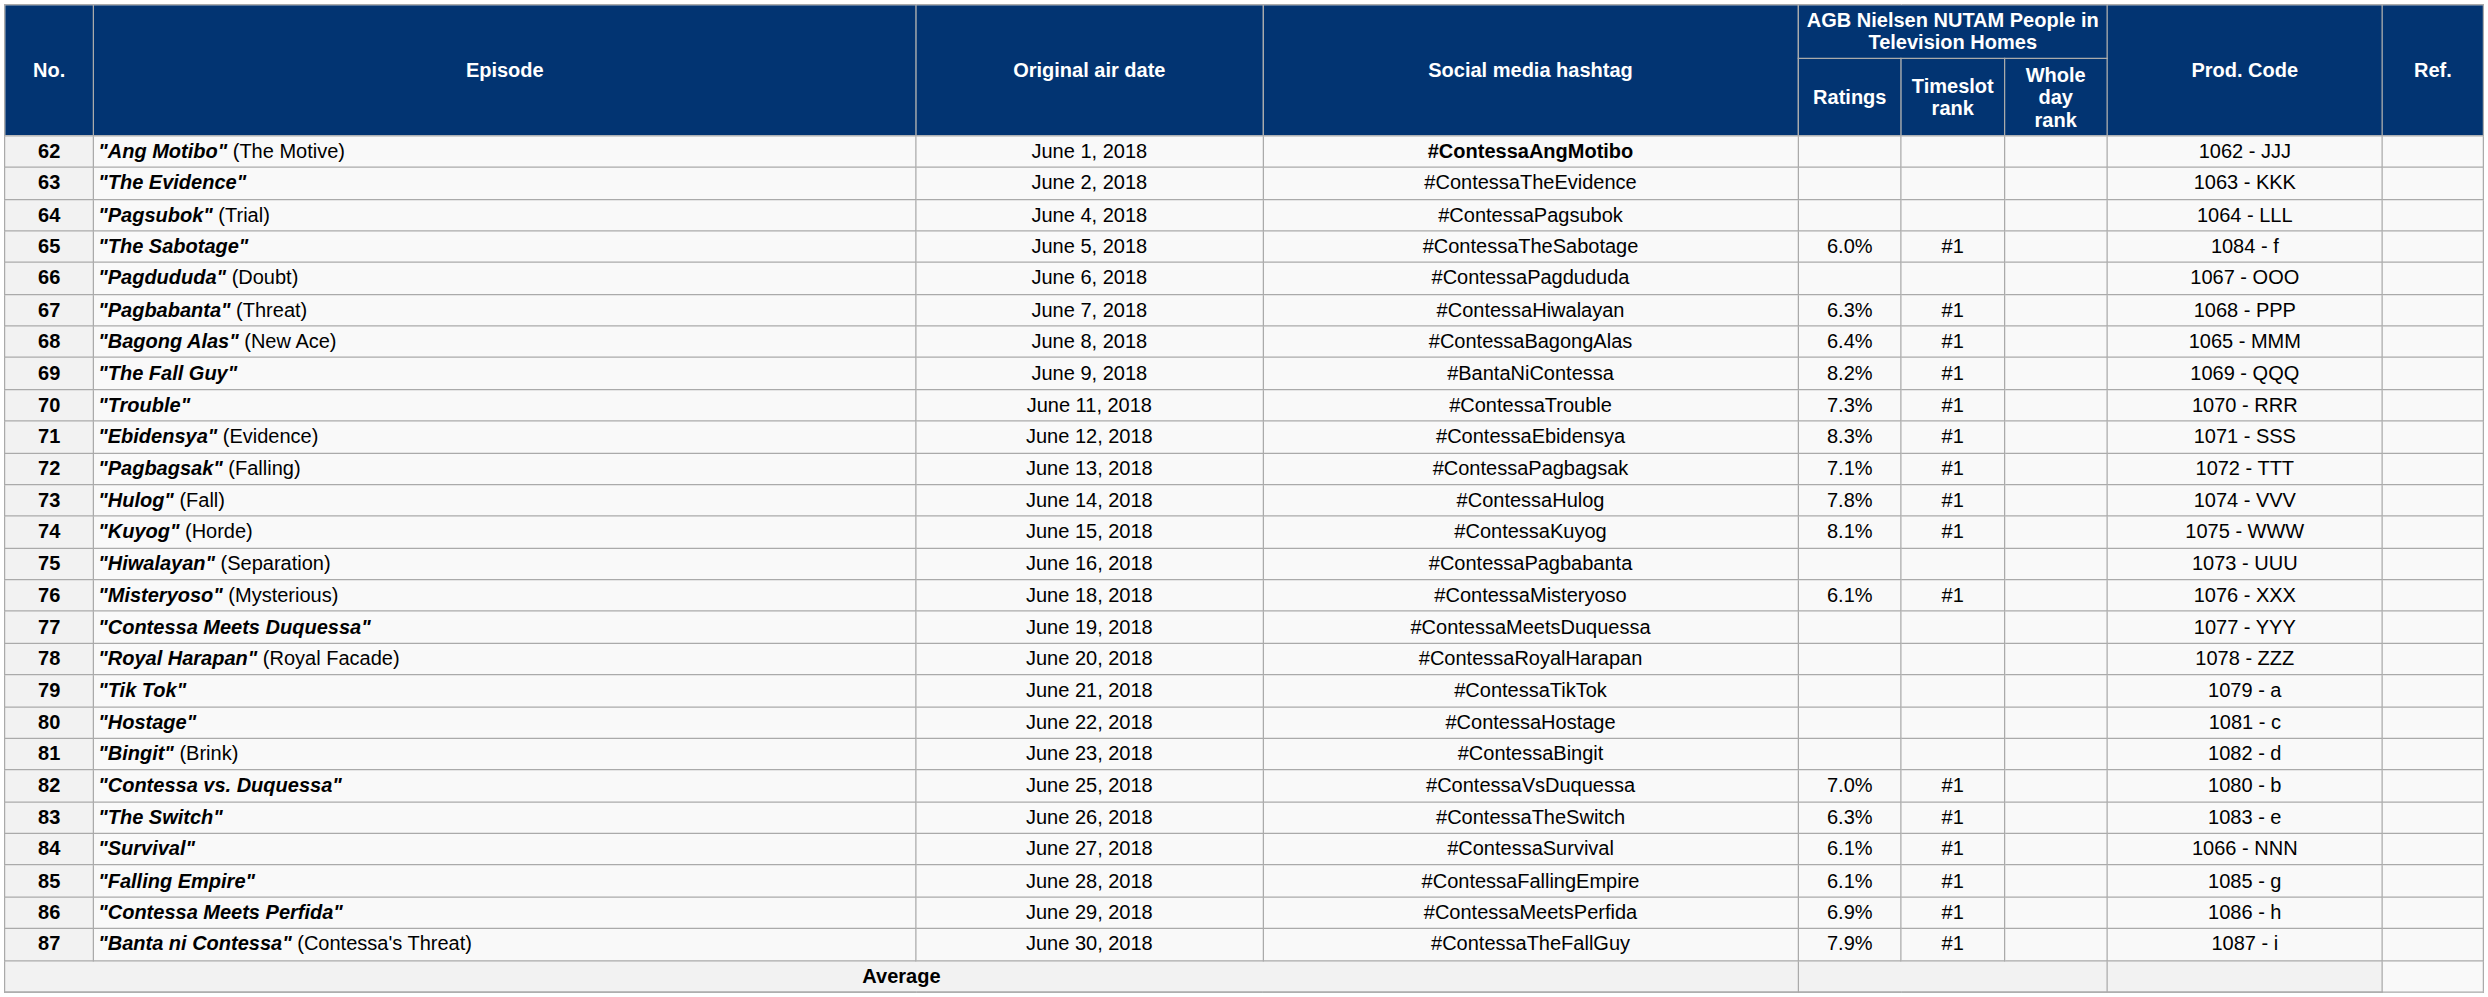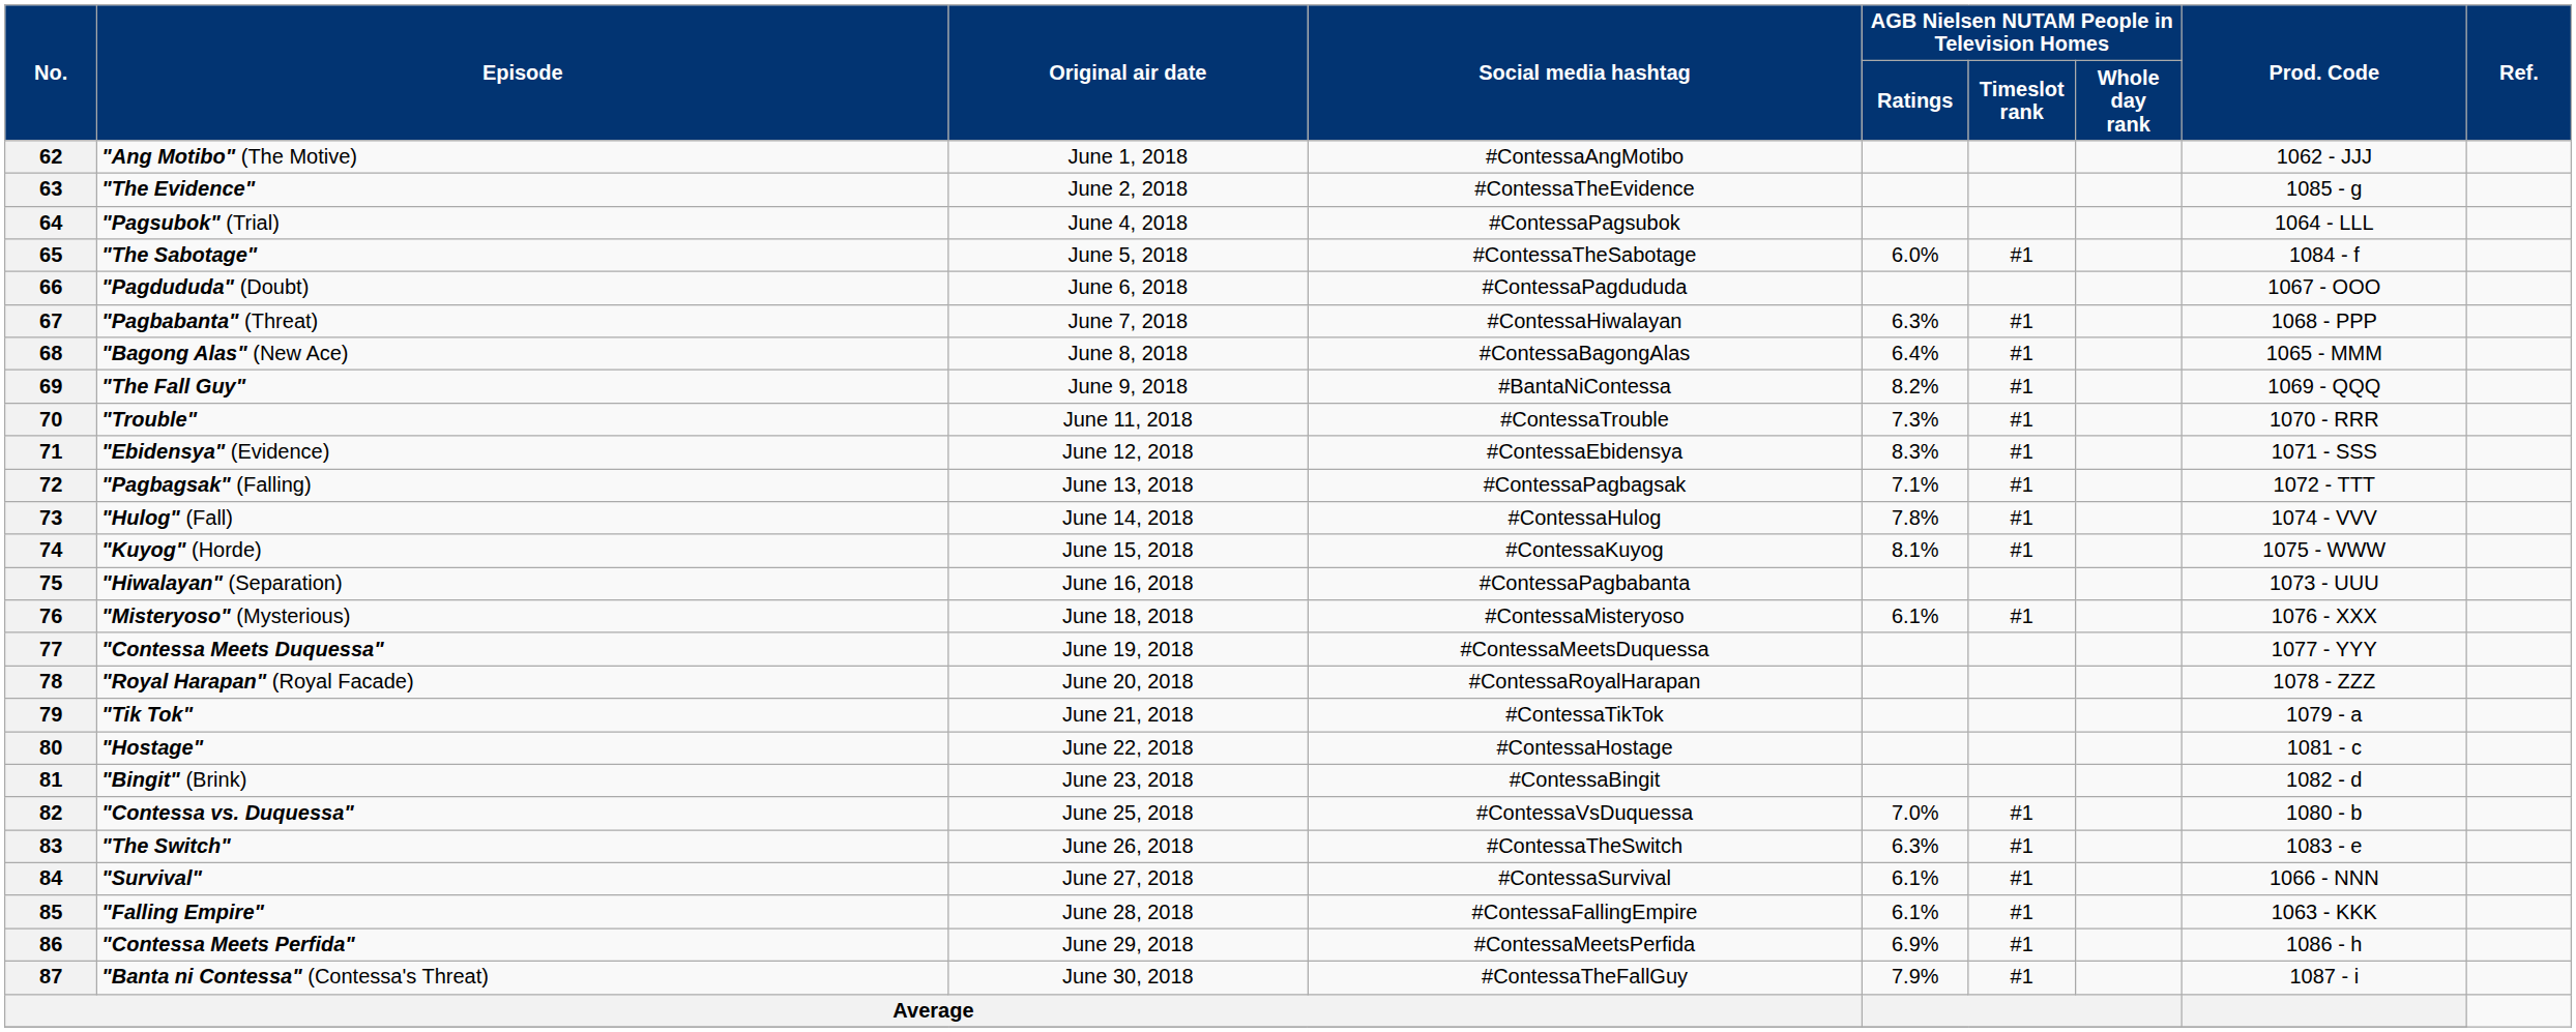 <table class="wikitable" style="text-align:center; font-size:100%; line-height:18px;" width="100%">
 <tr>
 <th style="background-color:#023472; color:#ffffff;" rowspan="2">No.</th>
 <th style="background-color:#023472; color:#ffffff;" rowspan="2">Episode</th>
 <th style="background-color:#023472; color:white" rowspan="2">Original air date</th>
 <th style="background-color:#023472; color:white" rowspan="2">Social media hashtag</th>
 <th style="background-color:#023472; color:#ffffff;" colspan="3">AGB Nielsen NUTAM People in Television Homes</th>
 <th style="background-color:#023472; color:white" rowspan="2">Prod. Code</th>
 <th style="background-color:#023472; color:#ffffff;" rowspan="2">Ref.</th>
 </tr>
 <tr>
 <th style="background-color:#023472; width:75px; color:#ffffff;">Ratings</th>
 <th style="background-color:#023472; width:75px; color:#ffffff;">Timeslot<br>rank</th>
 <th style="background-color:#023472; width:75px; color:#ffffff;">Whole day<br>rank</th>
 </tr>
 <tr>
 <th>62</th>
 <td style="text-align: left;"><strong><em>"Ang Motibo"</em></strong> (The Motive)</td>
 <td>June 1, 2018</td>
-<td><strong>#ContessaAngMotibo</strong></td>
+<td>#ContessaAngMotibo</td>
 <td></td>
 <td></td>
 <td></td>
 <td>1062 - JJJ</td>
 <td></td>
 </tr>
 <tr>
 <th>63</th>
 <td style="text-align: left;"><strong><em>"The Evidence"</em></strong></td>
 <td>June 2, 2018</td>
 <td>#ContessaTheEvidence</td>
 <td></td>
 <td></td>
 <td></td>
-<td>1063 - KKK</td>
+<td>1085 - g</td>
 <td></td>
 </tr>
 <tr>
 <th>64</th>
 <td style="text-align: left;"><strong><em>"Pagsubok"</em></strong> (Trial)</td>
 <td>June 4, 2018</td>
 <td>#ContessaPagsubok</td>
 <td></td>
 <td></td>
 <td></td>
 <td>1064 - LLL</td>
 <td></td>
 </tr>
 <tr>
 <th>65</th>
 <td style="text-align: left;"><strong><em>"The Sabotage"</em></strong></td>
 <td>June 5, 2018</td>
 <td>#ContessaTheSabotage</td>
 <td>6.0%</td>
 <td>#1</td>
 <td></td>
 <td>1084 - f</td>
 <td></td>
 </tr>
 <tr>
 <th>66</th>
 <td style="text-align: left;"><strong><em>"Pagdududa"</em></strong> (Doubt)</td>
 <td>June 6, 2018</td>
 <td>#ContessaPagdududa</td>
 <td></td>
 <td></td>
 <td></td>
 <td>1067 - OOO</td>
 <td></td>
 </tr>
 <tr>
 <th>67</th>
 <td style="text-align: left;"><strong><em>"Pagbabanta"</em></strong> (Threat)</td>
 <td>June 7, 2018</td>
 <td>#ContessaHiwalayan</td>
 <td>6.3%</td>
 <td>#1</td>
 <td></td>
 <td>1068 - PPP</td>
 <td></td>
 </tr>
 <tr>
 <th>68</th>
 <td style="text-align: left;"><strong><em>"Bagong Alas"</em></strong> (New Ace)</td>
 <td>June 8, 2018</td>
 <td>#ContessaBagongAlas</td>
 <td>6.4%</td>
 <td>#1</td>
 <td></td>
 <td>1065 - MMM</td>
 <td></td>
 </tr>
 <tr>
 <th>69</th>
 <td style="text-align: left;"><strong><em>"The Fall Guy"</em></strong></td>
 <td>June 9, 2018</td>
 <td>#BantaNiContessa</td>
 <td>8.2%</td>
 <td>#1</td>
 <td></td>
 <td>1069 - QQQ</td>
 <td></td>
 </tr>
 <tr>
 <th>70</th>
 <td style="text-align: left;"><strong><em>"Trouble"</em></strong></td>
 <td>June 11, 2018</td>
 <td>#ContessaTrouble</td>
 <td>7.3%</td>
 <td>#1</td>
 <td></td>
 <td>1070 - RRR</td>
 <td></td>
 </tr>
 <tr>
 <th>71</th>
 <td style="text-align: left;"><strong><em>"Ebidensya"</em></strong> (Evidence)</td>
 <td>June 12, 2018</td>
 <td>#ContessaEbidensya</td>
 <td>8.3%</td>
 <td>#1</td>
 <td></td>
 <td>1071 - SSS</td>
 <td></td>
 </tr>
 <tr>
 <th>72</th>
 <td style="text-align: left;"><strong><em>"Pagbagsak"</em></strong> (Falling)</td>
 <td>June 13, 2018</td>
 <td>#ContessaPagbagsak</td>
 <td>7.1%</td>
 <td>#1</td>
 <td></td>
 <td>1072 - TTT</td>
 <td></td>
 </tr>
 <tr>
 <th>73</th>
 <td style="text-align: left;"><strong><em>"Hulog"</em></strong> (Fall)</td>
 <td>June 14, 2018</td>
 <td>#ContessaHulog</td>
 <td>7.8%</td>
 <td>#1</td>
 <td></td>
 <td>1074 - VVV</td>
 <td></td>
 </tr>
 <tr>
 <th>74</th>
 <td style="text-align: left;"><strong><em>"Kuyog"</em></strong> (Horde)</td>
 <td>June 15, 2018</td>
 <td>#ContessaKuyog</td>
 <td>8.1%</td>
 <td>#1</td>
 <td></td>
 <td>1075 - WWW</td>
 <td></td>
 </tr>
 <tr>
 <th>75</th>
 <td style="text-align: left;"><strong><em>"Hiwalayan"</em></strong> (Separation)</td>
 <td>June 16, 2018</td>
 <td>#ContessaPagbabanta</td>
 <td></td>
 <td></td>
 <td></td>
 <td>1073 - UUU</td>
 <td></td>
 </tr>
 <tr>
 <th>76</th>
 <td style="text-align: left;"><strong><em>"Misteryoso"</em></strong> (Mysterious)</td>
 <td>June 18, 2018</td>
 <td>#ContessaMisteryoso</td>
 <td>6.1%</td>
 <td>#1</td>
 <td></td>
 <td>1076 - XXX</td>
 <td></td>
 </tr>
 <tr>
 <th>77</th>
 <td style="text-align: left;"><strong><em>"Contessa Meets Duquessa"</em></strong></td>
 <td>June 19, 2018</td>
 <td>#ContessaMeetsDuquessa</td>
 <td></td>
 <td></td>
 <td></td>
 <td>1077 - YYY</td>
 <td></td>
 </tr>
 <tr>
 <th>78</th>
 <td style="text-align: left;"><strong><em>"Royal Harapan"</em></strong> (Royal Facade)</td>
 <td>June 20, 2018</td>
 <td>#ContessaRoyalHarapan</td>
 <td></td>
 <td></td>
 <td></td>
 <td>1078 - ZZZ</td>
 <td></td>
 </tr>
 <tr>
 <th>79</th>
 <td style="text-align: left;"><strong><em>"Tik Tok"</em></strong></td>
 <td>June 21, 2018</td>
 <td>#ContessaTikTok</td>
 <td></td>
 <td></td>
 <td></td>
 <td>1079 - a</td>
 <td></td>
 </tr>
 <tr>
 <th>80</th>
 <td style="text-align: left;"><strong><em>"Hostage"</em></strong></td>
 <td>June 22, 2018</td>
 <td>#ContessaHostage</td>
 <td></td>
 <td></td>
 <td></td>
 <td>1081 - c</td>
 <td></td>
 </tr>
 <tr>
 <th>81</th>
 <td style="text-align: left;"><strong><em>"Bingit"</em></strong> (Brink)</td>
 <td>June 23, 2018</td>
 <td>#ContessaBingit</td>
 <td></td>
 <td></td>
 <td></td>
 <td>1082 - d</td>
 <td></td>
 </tr>
 <tr>
 <th>82</th>
 <td style="text-align: left;"><strong><em>"Contessa vs. Duquessa"</em></strong></td>
 <td>June 25, 2018</td>
 <td>#ContessaVsDuquessa</td>
 <td>7.0%</td>
 <td>#1</td>
 <td></td>
 <td>1080 - b</td>
 <td></td>
 </tr>
 <tr>
 <th>83</th>
 <td style="text-align: left;"><strong><em>"The Switch"</em></strong></td>
 <td>June 26, 2018</td>
 <td>#ContessaTheSwitch</td>
 <td>6.3%</td>
 <td>#1</td>
 <td></td>
 <td>1083 - e</td>
 <td></td>
 </tr>
 <tr>
 <th>84</th>
 <td style="text-align: left;"><strong><em>"Survival"</em></strong></td>
 <td>June 27, 2018</td>
 <td>#ContessaSurvival</td>
 <td>6.1%</td>
 <td>#1</td>
 <td></td>
 <td>1066 - NNN</td>
 <td></td>
 </tr>
 <tr>
 <th>85</th>
 <td style="text-align: left;"><strong><em>"Falling Empire"</em></strong></td>
 <td>June 28, 2018</td>
 <td>#ContessaFallingEmpire</td>
 <td>6.1%</td>
 <td>#1</td>
 <td></td>
-<td>1085 - g</td>
+<td>1063 - KKK</td>
 <td></td>
 </tr>
 <tr>
 <th>86</th>
 <td style="text-align: left;"><strong><em>"Contessa Meets Perfida"</em></strong></td>
 <td>June 29, 2018</td>
 <td>#ContessaMeetsPerfida</td>
 <td>6.9%</td>
 <td>#1</td>
 <td></td>
 <td>1086 - h</td>
 <td></td>
 </tr>
 <tr>
 <th>87</th>
 <td style="text-align: left;"><strong><em>"Banta ni Contessa"</em></strong> (Contessa's Threat)</td>
 <td>June 30, 2018</td>
 <td>#ContessaTheFallGuy</td>
 <td>7.9%</td>
 <td>#1</td>
 <td></td>
 <td>1087 - i</td>
 <td></td>
 </tr>
 <tr>
 <th colspan="4">Average</th>
 <th colspan="3"></th>
 <th></th>
 </tr>
 <tr>
 </tr>
 </table>
